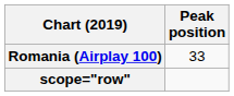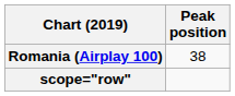 <table class="wikitable plainrowheaders sortable">
 <tr>
 <th>Chart (2019)</th>
 <th>Peak<br>position</th>
 </tr>
 <tr>
 <th scope="row">Romania (<a href='#'>Airplay 100</a>)</th>
-<td style="text-align:center;">33</td>
+<td style="text-align:center;">38</td>
 </tr>
 <tr>
 <th>scope="row"</th>
 </tr>
 </table>
